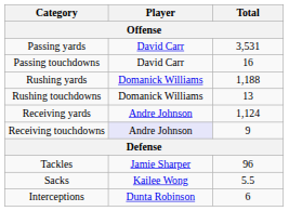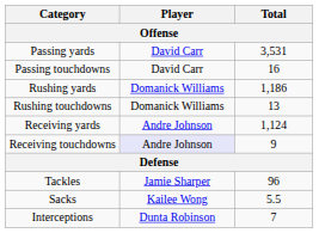 <table class="wikitable" style="text-align:center">
 <tr>
 <th width="150">Category</th>
 <th width="150">Player</th>
 <th width="100">Total</th>
 </tr>
 <tr>
 <th align="center" colspan="4">Offense</th>
 </tr>
 <tr>
 <td>Passing yards</td>
 <td><a href='#'>David Carr</a></td>
 <td>3,531</td>
 </tr>
 <tr>
 <td>Passing touchdowns</td>
 <td>David Carr</td>
 <td>16</td>
 </tr>
 <tr>
 <td>Rushing yards</td>
 <td><a href='#'>Domanick Williams</a></td>
-<td>1,188</td>
+<td>1,186</td>
 </tr>
 <tr>
 <td>Rushing touchdowns</td>
 <td>Domanick Williams</td>
 <td>13</td>
 </tr>
 <tr>
 <td>Receiving yards</td>
 <td><a href='#'>Andre Johnson</a></td>
 <td>1,124</td>
 </tr>
 <tr>
 <td>Receiving touchdowns</td>
 <td style="background: lavender;">Andre Johnson</td>
 <td>9</td>
 </tr>
 <tr>
 <th align="center" colspan="4">Defense</th>
 </tr>
 <tr>
 <td>Tackles </td>
 <td><a href='#'>Jamie Sharper</a></td>
 <td>96</td>
 </tr>
 <tr>
 <td>Sacks</td>
 <td><a href='#'>Kailee Wong</a></td>
 <td>5.5</td>
 </tr>
 <tr>
 <td>Interceptions</td>
 <td><a href='#'>Dunta Robinson</a></td>
-<td>6</td>
+<td>7</td>
 </tr>
 </table>
